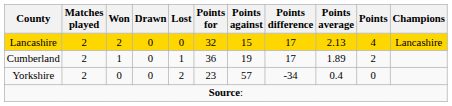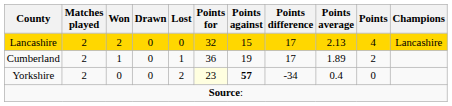 <table class="wikitable plainrowheaders" style="text-align: center; width: 60%">
 <tr>
 <th scope="col" style="width: 5%;">County</th>
 <th scope="col" style="width: 5%;">Matches played</th>
 <th scope="col" style="width: 5%;">Won</th>
 <th scope="col" style="width: 5%;">Drawn</th>
 <th scope="col" style="width: 5%;">Lost</th>
 <th scope="col" style="width: 5%;">Points for</th>
 <th scope="col" style="width: 5%;">Points against</th>
 <th scope="col" style="width: 5%;">Points difference</th>
 <th scope="col" style="width: 5%;">Points average</th>
 <th scope="col" style="width: 5%;">Points</th>
 <th scope="col" style="width: 15%;">Champions</th>
 </tr>
 <tr style="background: gold;">
 <td>Lancashire</td>
 <td>2</td>
 <td>2</td>
 <td>0</td>
 <td>0</td>
 <td>32</td>
 <td>15</td>
 <td>17</td>
 <td>2.13</td>
 <td>4</td>
 <td>Lancashire</td>
 </tr>
 <tr>
 <td>Cumberland</td>
 <td>2</td>
 <td>1</td>
 <td>0</td>
 <td>1</td>
 <td>36</td>
 <td>19</td>
 <td>17</td>
 <td>1.89</td>
 <td>2</td>
 <td></td>
 </tr>
 <tr>
 <td>Yorkshire</td>
 <td>2</td>
 <td>0</td>
 <td>0</td>
 <td>2</td>
-<td>23</td>
-<td>57</td>
+<td style="background: lightyellow;">23</td>
+<td><strong>57</strong></td>
 <td>-34</td>
 <td>0.4</td>
 <td>0</td>
 <td></td>
 </tr>
 <tr>
 <td colspan="11"><strong>Source</strong>:</td>
 </tr>
 </table>
